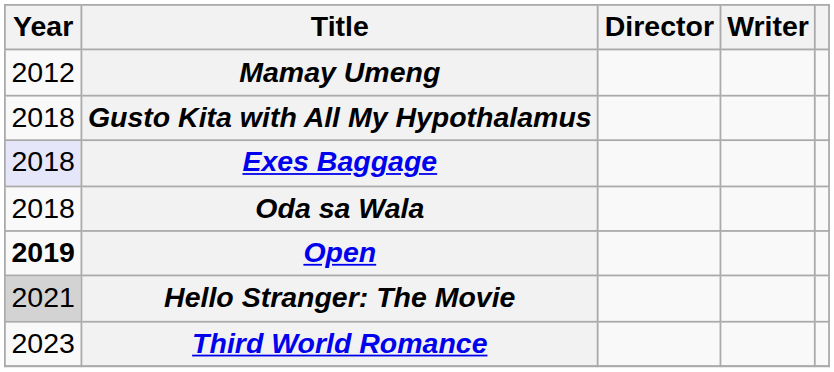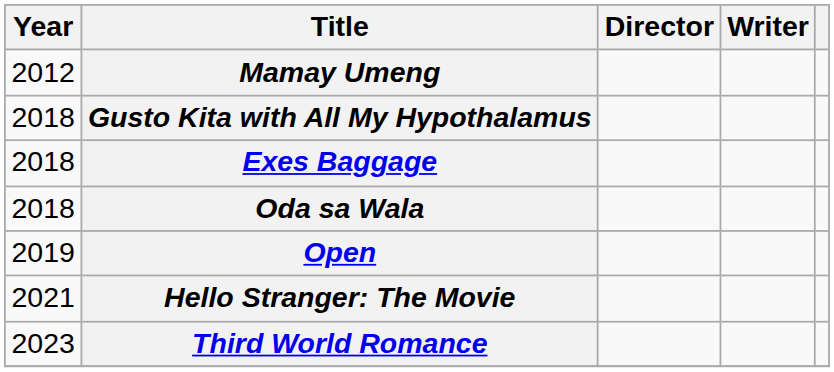 <table class="wikitable plainrowheaders sortable">
 <tr style="background:#ccc; text-align:center;">
 <th scope="col">Year</th>
 <th scope="col">Title</th>
 <th scope="col">Director</th>
 <th scope="col">Writer</th>
 <th scope="col" class="unsortable"></th>
 </tr>
 <tr>
 <td>2012</td>
 <th scope=row><em>Mamay Umeng</em></th>
 <td></td>
 <td></td>
 <td style="text-align:center;"></td>
 </tr>
 <tr>
 <td>2018</td>
 <th scope=row><em>Gusto Kita with All My Hypothalamus</em></th>
 <td></td>
 <td></td>
 <td style="text-align:center;"></td>
 </tr>
 <tr>
-<td style="background: lavender;">2018</td>
+<td>2018</td>
 <th scope=row><em><a href='#'>Exes Baggage</a></em></th>
 <td></td>
 <td></td>
 <td style="text-align:center;"></td>
 </tr>
 <tr>
 <td>2018</td>
 <th scope=row><em>Oda sa Wala</em></th>
 <td></td>
 <td></td>
 <td style="text-align:center;"></td>
 </tr>
 <tr>
-<td><strong>2019</strong></td>
+<td>2019</td>
 <th scope=row><em><a href='#'>Open</a></em></th>
 <td></td>
 <td></td>
 <td style="text-align:center;"></td>
 </tr>
 <tr>
-<td style="background: lightgrey;">2021</td>
+<td>2021</td>
 <th scope=row><em>Hello Stranger: The Movie</em></th>
 <td></td>
 <td></td>
 <td style="text-align:center;"></td>
 </tr>
 <tr>
 <td>2023</td>
 <th scope=row><em><a href='#'>Third World Romance</a></em></th>
 <td></td>
 <td></td>
 <td></td>
 </tr>
 <tr>
 </tr>
 </table>
